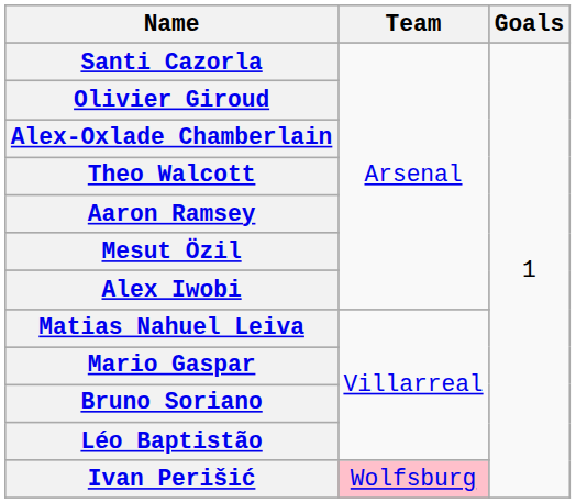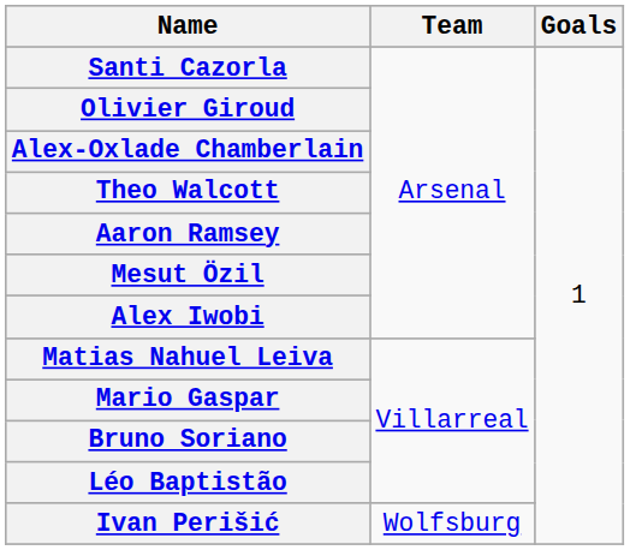 <table class="wikitable plainrowheaders" style="text-align: center;">
 <tr>
 <th>Name</th>
 <th>Team</th>
 <th>Goals</th>
 </tr>
 <tr>
 <th scope=row> <a href='#'>Santi Cazorla</a></th>
 <td rowspan=7> <a href='#'>Arsenal</a></td>
 <td rowspan="12">1</td>
 </tr>
 <tr>
 <th scope=row> <a href='#'>Olivier Giroud</a></th>
 </tr>
 <tr>
 <th scope=row> <a href='#'>Alex-Oxlade Chamberlain</a></th>
 </tr>
 <tr>
 <th scope=row> <a href='#'>Theo Walcott</a></th>
 </tr>
 <tr>
 <th scope=row> <a href='#'>Aaron Ramsey</a></th>
 </tr>
 <tr>
 <th scope=row> <a href='#'>Mesut Özil</a></th>
 </tr>
 <tr>
 <th scope=row> <a href='#'>Alex Iwobi</a></th>
 </tr>
 <tr>
 <th scope=row> <a href='#'>Matias Nahuel Leiva</a></th>
 <td rowspan=4> <a href='#'>Villarreal</a></td>
 </tr>
 <tr>
 <th scope=row> <a href='#'>Mario Gaspar</a></th>
 </tr>
 <tr>
 <th scope=row> <a href='#'>Bruno Soriano</a></th>
 </tr>
 <tr>
 <th scope=row> <a href='#'>Léo Baptistão</a></th>
 </tr>
 <tr>
 <th scope=row> <a href='#'>Ivan Perišić</a></th>
-<td style="background: pink;"> <a href='#'>Wolfsburg</a></td>
+<td> <a href='#'>Wolfsburg</a></td>
 </tr>
 </table>
